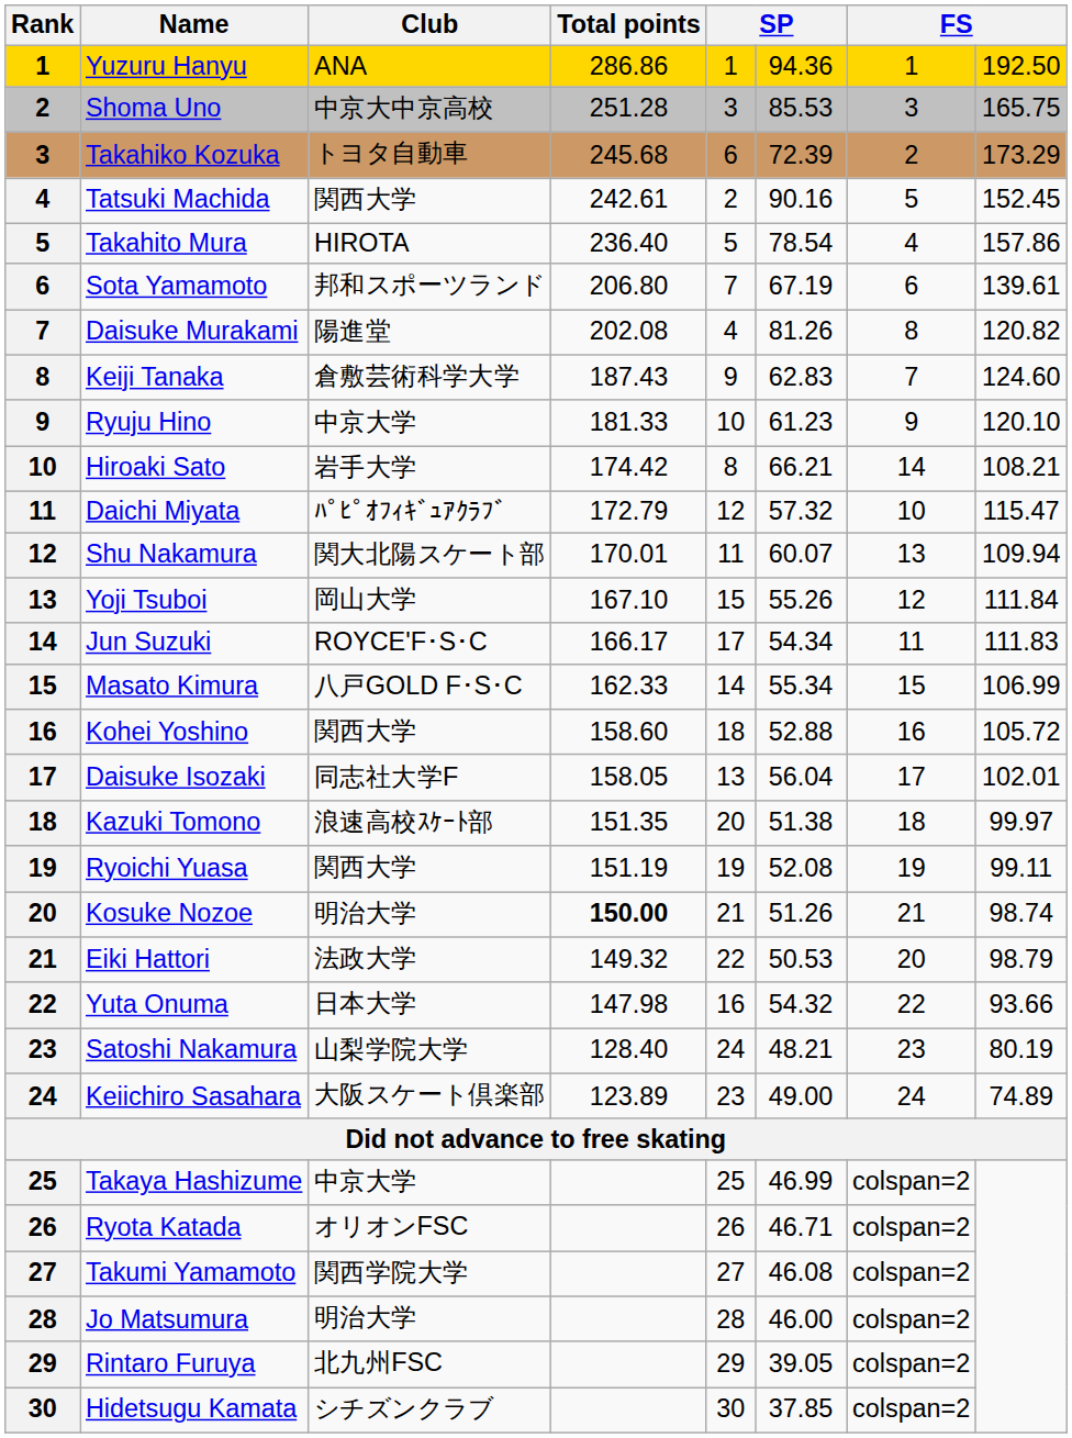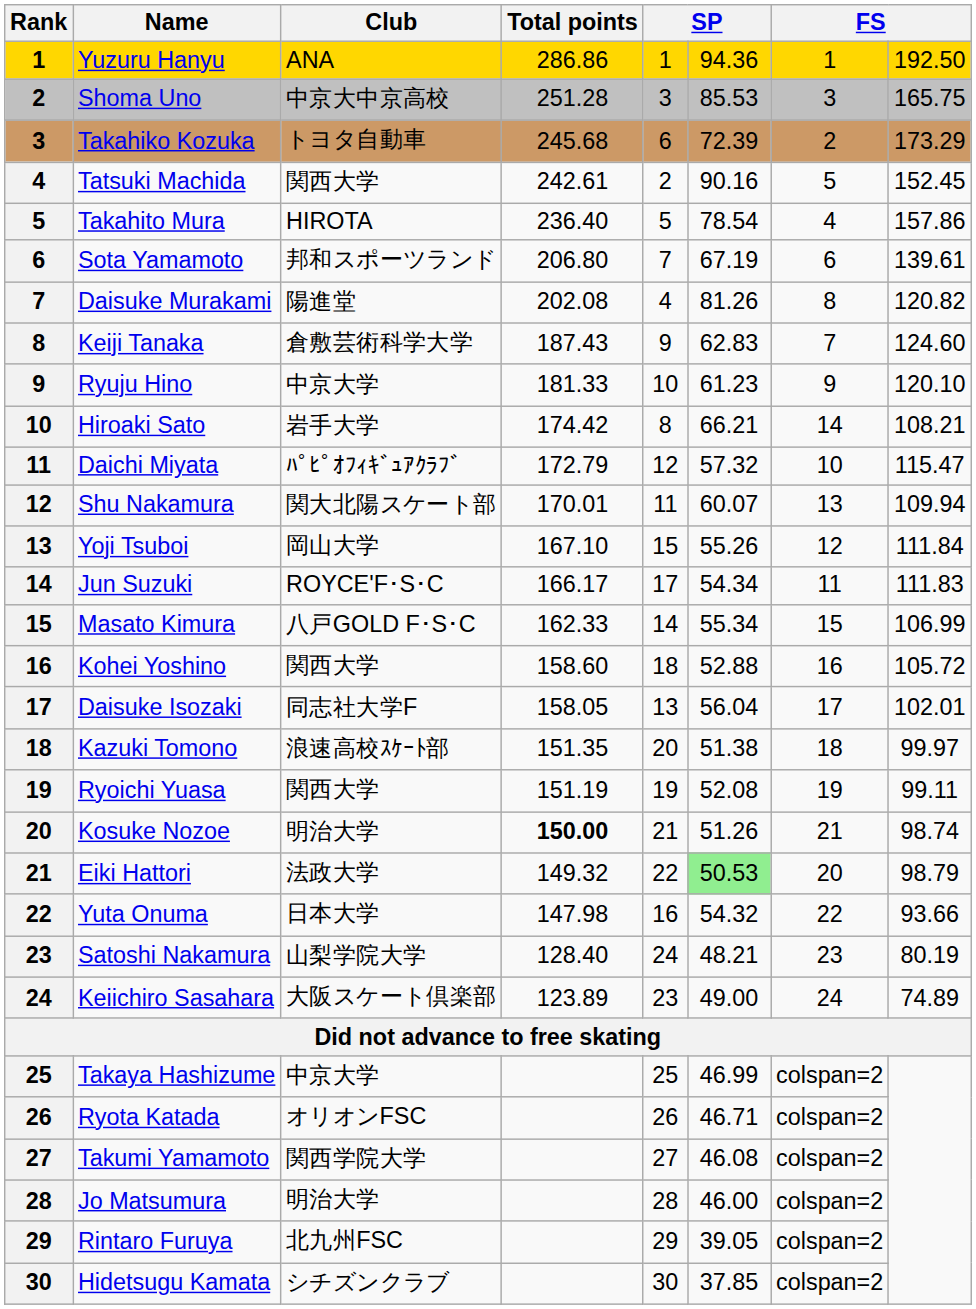 <table class="wikitable sortable">
 <tr>
 <th>Rank</th>
 <th>Name</th>
 <th>Club</th>
 <th>Total points</th>
 <th colspan="2" width="80px"><a href='#'>SP</a></th>
 <th colspan="2" width="80px"><a href='#'>FS</a></th>
 </tr>
 <tr bgcolor="gold">
 <td align="center"><strong>1</strong></td>
 <td><a href='#'>Yuzuru Hanyu</a></td>
 <td>ANA</td>
 <td align="center">286.86</td>
 <td align="center">1</td>
 <td align="center">94.36</td>
 <td align="center">1</td>
 <td align="center">192.50</td>
 </tr>
 <tr bgcolor="silver">
 <td align="center"><strong>2</strong></td>
 <td><a href='#'>Shoma Uno</a></td>
 <td>中京大中京高校</td>
 <td align="center">251.28</td>
 <td align="center">3</td>
 <td align="center">85.53</td>
 <td align="center">3</td>
 <td align="center">165.75</td>
 </tr>
 <tr bgcolor="cc9966">
 <td align="center"><strong>3</strong></td>
 <td><a href='#'>Takahiko Kozuka</a></td>
 <td>トヨタ自動車</td>
 <td align="center">245.68</td>
 <td align="center">6</td>
 <td align="center">72.39</td>
 <td align="center">2</td>
 <td align="center">173.29</td>
 </tr>
 <tr>
 <th>4</th>
 <td><a href='#'>Tatsuki Machida</a></td>
 <td>関西大学</td>
 <td align="center">242.61</td>
 <td align="center">2</td>
 <td align="center">90.16</td>
 <td align="center">5</td>
 <td align="center">152.45</td>
 </tr>
 <tr>
 <th>5</th>
 <td><a href='#'>Takahito Mura</a></td>
 <td>HIROTA</td>
 <td align="center">236.40</td>
 <td align="center">5</td>
 <td align="center">78.54</td>
 <td align="center">4</td>
 <td align="center">157.86</td>
 </tr>
 <tr>
 <th>6</th>
 <td><a href='#'>Sota Yamamoto</a></td>
 <td>邦和スポーツランド</td>
 <td align="center">206.80</td>
 <td align="center">7</td>
 <td align="center">67.19</td>
 <td align="center">6</td>
 <td align="center">139.61</td>
 </tr>
 <tr>
 <th>7</th>
 <td><a href='#'>Daisuke Murakami</a></td>
 <td>陽進堂</td>
 <td align="center">202.08</td>
 <td align="center">4</td>
 <td align="center">81.26</td>
 <td align="center">8</td>
 <td align="center">120.82</td>
 </tr>
 <tr>
 <th>8</th>
 <td><a href='#'>Keiji Tanaka</a></td>
 <td>倉敷芸術科学大学</td>
 <td align="center">187.43</td>
 <td align="center">9</td>
 <td align="center">62.83</td>
 <td align="center">7</td>
 <td align="center">124.60</td>
 </tr>
 <tr>
 <th>9</th>
 <td><a href='#'>Ryuju Hino</a></td>
 <td>中京大学</td>
 <td align="center">181.33</td>
 <td align="center">10</td>
 <td align="center">61.23</td>
 <td align="center">9</td>
 <td align="center">120.10</td>
 </tr>
 <tr>
 <th>10</th>
 <td><a href='#'>Hiroaki Sato</a></td>
 <td>岩手大学</td>
 <td align="center">174.42</td>
 <td align="center">8</td>
 <td align="center">66.21</td>
 <td align="center">14</td>
 <td align="center">108.21</td>
 </tr>
 <tr>
 <th>11</th>
 <td><a href='#'>Daichi Miyata</a></td>
 <td>ﾊﾟﾋﾟｵﾌｨｷﾞｭｱｸﾗﾌﾞ</td>
 <td align="center">172.79</td>
 <td align="center">12</td>
 <td align="center">57.32</td>
 <td align="center">10</td>
 <td align="center">115.47</td>
 </tr>
 <tr>
 <th>12</th>
 <td><a href='#'>Shu Nakamura</a></td>
 <td>関大北陽スケート部</td>
 <td align="center">170.01</td>
 <td align="center">11</td>
 <td align="center">60.07</td>
 <td align="center">13</td>
 <td align="center">109.94</td>
 </tr>
 <tr>
 <th>13</th>
 <td><a href='#'>Yoji Tsuboi</a></td>
 <td>岡山大学</td>
 <td align="center">167.10</td>
 <td align="center">15</td>
 <td align="center">55.26</td>
 <td align="center">12</td>
 <td align="center">111.84</td>
 </tr>
 <tr>
 <th>14</th>
 <td><a href='#'>Jun Suzuki</a></td>
 <td>ROYCE'F･S･C</td>
 <td align="center">166.17</td>
 <td align="center">17</td>
 <td align="center">54.34</td>
 <td align="center">11</td>
 <td align="center">111.83</td>
 </tr>
 <tr>
 <th>15</th>
 <td><a href='#'>Masato Kimura</a></td>
 <td>八戸GOLD F･S･C</td>
 <td align="center">162.33</td>
 <td align="center">14</td>
 <td align="center">55.34</td>
 <td align="center">15</td>
 <td align="center">106.99</td>
 </tr>
 <tr>
 <th>16</th>
 <td><a href='#'>Kohei Yoshino</a></td>
 <td>関西大学</td>
 <td align="center">158.60</td>
 <td align="center">18</td>
 <td align="center">52.88</td>
 <td align="center">16</td>
 <td align="center">105.72</td>
 </tr>
 <tr>
 <th>17</th>
 <td><a href='#'>Daisuke Isozaki</a></td>
 <td>同志社大学F</td>
 <td align="center">158.05</td>
 <td align="center">13</td>
 <td align="center">56.04</td>
 <td align="center">17</td>
 <td align="center">102.01</td>
 </tr>
 <tr>
 <th>18</th>
 <td><a href='#'>Kazuki Tomono</a></td>
 <td>浪速高校ｽｹｰﾄ部</td>
 <td align="center">151.35</td>
 <td align="center">20</td>
 <td align="center">51.38</td>
 <td align="center">18</td>
 <td align="center">99.97</td>
 </tr>
 <tr>
 <th>19</th>
 <td><a href='#'>Ryoichi Yuasa</a></td>
 <td>関西大学</td>
 <td align="center">151.19</td>
 <td align="center">19</td>
 <td align="center">52.08</td>
 <td align="center">19</td>
 <td align="center">99.11</td>
 </tr>
 <tr>
 <th>20</th>
 <td><a href='#'>Kosuke Nozoe</a></td>
 <td>明治大学</td>
 <td align="center"><strong>150.00</strong></td>
 <td align="center">21</td>
 <td align="center">51.26</td>
 <td align="center">21</td>
 <td align="center">98.74</td>
 </tr>
 <tr>
 <th>21</th>
 <td><a href='#'>Eiki Hattori</a></td>
 <td>法政大学</td>
 <td align="center">149.32</td>
 <td align="center">22</td>
-<td align="center">50.53</td>
+<td align="center" style="background: lightgreen;">50.53</td>
 <td align="center">20</td>
 <td align="center">98.79</td>
 </tr>
 <tr>
 <th>22</th>
 <td><a href='#'>Yuta Onuma</a></td>
 <td>日本大学</td>
 <td align="center">147.98</td>
 <td align="center">16</td>
 <td align="center">54.32</td>
 <td align="center">22</td>
 <td align="center">93.66</td>
 </tr>
 <tr>
 <th>23</th>
 <td><a href='#'>Satoshi Nakamura</a></td>
 <td>山梨学院大学</td>
 <td align="center">128.40</td>
 <td align="center">24</td>
 <td align="center">48.21</td>
 <td align="center">23</td>
 <td align="center">80.19</td>
 </tr>
 <tr>
 <th>24</th>
 <td><a href='#'>Keiichiro Sasahara</a></td>
 <td>大阪スケート倶楽部</td>
 <td align="center">123.89</td>
 <td align="center">23</td>
 <td align="center">49.00</td>
 <td align="center">24</td>
 <td align="center">74.89</td>
 </tr>
 <tr>
 <th colspan=8>Did not advance to free skating</th>
 </tr>
 <tr>
 <th>25</th>
 <td><a href='#'>Takaya Hashizume</a></td>
 <td>中京大学</td>
 <td></td>
 <td align="center">25</td>
 <td align="center">46.99</td>
 <td>colspan=2 </td>
 </tr>
 <tr>
 <th>26</th>
 <td><a href='#'>Ryota Katada</a></td>
 <td>オリオンFSC</td>
 <td></td>
 <td align="center">26</td>
 <td align="center">46.71</td>
 <td>colspan=2 </td>
 </tr>
 <tr>
 <th>27</th>
 <td><a href='#'>Takumi Yamamoto</a></td>
 <td>関西学院大学</td>
 <td></td>
 <td align="center">27</td>
 <td align="center">46.08</td>
 <td>colspan=2 </td>
 </tr>
 <tr>
 <th>28</th>
 <td><a href='#'>Jo Matsumura</a></td>
 <td>明治大学</td>
 <td></td>
 <td align="center">28</td>
 <td align="center">46.00</td>
 <td>colspan=2 </td>
 </tr>
 <tr>
 <th>29</th>
 <td><a href='#'>Rintaro Furuya</a></td>
 <td>北九州FSC</td>
 <td></td>
 <td align="center">29</td>
 <td align="center">39.05</td>
 <td>colspan=2 </td>
 </tr>
 <tr>
 <th>30</th>
 <td><a href='#'>Hidetsugu Kamata</a></td>
 <td>シチズンクラブ</td>
 <td></td>
 <td align="center">30</td>
 <td align="center">37.85</td>
 <td>colspan=2 </td>
 </tr>
 </table>
